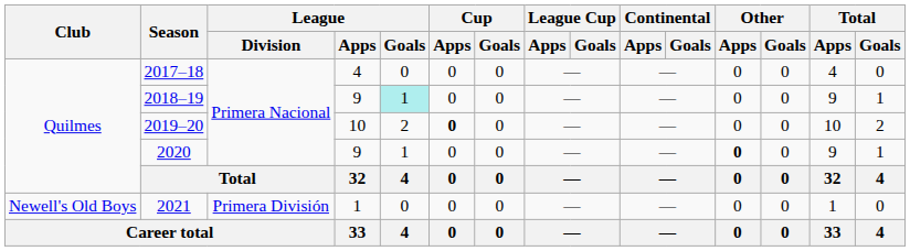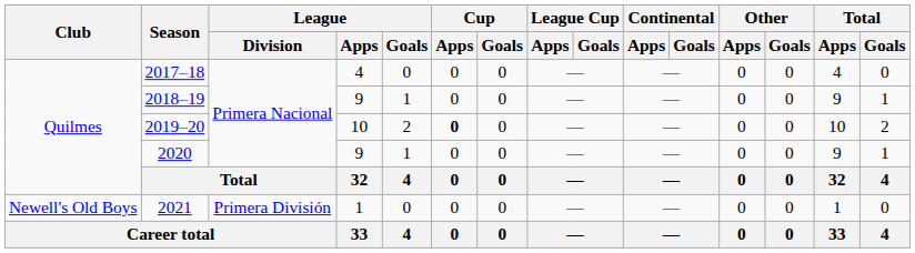 <table class="wikitable" style="text-align:center">
 <tr>
 <th rowspan="2">Club</th>
 <th rowspan="2">Season</th>
 <th colspan="3">League</th>
 <th colspan="2">Cup</th>
 <th colspan="2">League Cup</th>
 <th colspan="2">Continental</th>
 <th colspan="2">Other</th>
 <th colspan="2">Total</th>
 </tr>
 <tr>
 <th>Division</th>
 <th>Apps</th>
 <th>Goals</th>
 <th>Apps</th>
 <th>Goals</th>
 <th>Apps</th>
 <th>Goals</th>
 <th>Apps</th>
 <th>Goals</th>
 <th>Apps</th>
 <th>Goals</th>
 <th>Apps</th>
 <th>Goals</th>
 </tr>
 <tr>
 <td rowspan="5"><a href='#'>Quilmes</a></td>
 <td><a href='#'>2017–18</a></td>
 <td rowspan="4"><a href='#'>Primera Nacional</a></td>
 <td>4</td>
 <td>0</td>
 <td>0</td>
 <td>0</td>
 <td colspan="2">—</td>
 <td colspan="2">—</td>
 <td>0</td>
 <td>0</td>
 <td>4</td>
 <td>0</td>
 </tr>
 <tr>
 <td><a href='#'>2018–19</a></td>
 <td>9</td>
-<td style="background: paleturquoise;">1</td>
+<td>1</td>
 <td>0</td>
 <td>0</td>
 <td colspan="2">—</td>
 <td colspan="2">—</td>
 <td>0</td>
 <td>0</td>
 <td>9</td>
 <td>1</td>
 </tr>
 <tr>
 <td><a href='#'>2019–20</a></td>
 <td>10</td>
 <td>2</td>
 <td><strong>0</strong></td>
 <td>0</td>
 <td colspan="2">—</td>
 <td colspan="2">—</td>
 <td>0</td>
 <td>0</td>
 <td>10</td>
 <td>2</td>
 </tr>
 <tr>
 <td><a href='#'>2020</a></td>
 <td>9</td>
 <td>1</td>
 <td>0</td>
 <td>0</td>
 <td colspan="2">—</td>
 <td colspan="2">—</td>
-<td><strong>0</strong></td>
+<td>0</td>
 <td>0</td>
 <td>9</td>
 <td>1</td>
 </tr>
 <tr>
 <th colspan="2">Total</th>
 <th>32</th>
 <th>4</th>
 <th>0</th>
 <th>0</th>
 <th colspan="2">—</th>
 <th colspan="2">—</th>
 <th>0</th>
 <th>0</th>
 <th>32</th>
 <th>4</th>
 </tr>
 <tr>
 <td rowspan="1"><a href='#'>Newell's Old Boys</a></td>
 <td><a href='#'>2021</a></td>
 <td rowspan="1"><a href='#'>Primera División</a></td>
 <td>1</td>
 <td>0</td>
 <td>0</td>
 <td>0</td>
 <td colspan="2">—</td>
 <td colspan="2">—</td>
 <td>0</td>
 <td>0</td>
 <td>1</td>
 <td>0</td>
 </tr>
 <tr>
 <th colspan="3">Career total</th>
 <th>33</th>
 <th>4</th>
 <th>0</th>
 <th>0</th>
 <th colspan="2">—</th>
 <th colspan="2">—</th>
 <th>0</th>
 <th>0</th>
 <th>33</th>
 <th>4</th>
 </tr>
 </table>
